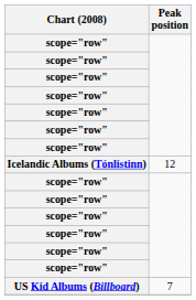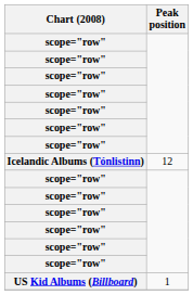 <table class="wikitable sortable plainrowheaders" style="text-align:center">
 <tr>
 <th scope="col">Chart (2008)</th>
 <th scope="col">Peak<br>position</th>
 </tr>
 <tr>
 <th>scope="row" </th>
 </tr>
 <tr>
 <th>scope="row" </th>
 </tr>
 <tr>
 <th>scope="row" </th>
 </tr>
 <tr>
 <th>scope="row" </th>
 </tr>
 <tr>
 <th>scope="row" </th>
 </tr>
 <tr>
 <th>scope="row" </th>
 </tr>
 <tr>
 <th>scope="row" </th>
 </tr>
 <tr>
 <th scope="row">Icelandic Albums (<a href='#'>Tónlistinn</a>)</th>
 <td>12</td>
 </tr>
 <tr>
 <th>scope="row" </th>
 </tr>
 <tr>
 <th>scope="row" </th>
 </tr>
 <tr>
 <th>scope="row" </th>
 </tr>
 <tr>
 <th>scope="row" </th>
 </tr>
 <tr>
 <th>scope="row" </th>
 </tr>
 <tr>
 <th>scope="row" </th>
 </tr>
 <tr>
 <th scope="row">US <a href='#'>Kid Albums</a> (<em><a href='#'>Billboard</a></em>)</th>
-<td>7</td>
+<td>1</td>
 </tr>
 <tr>
 </tr>
 </table>
